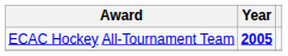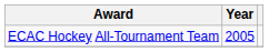 <table class="wikitable">
 <tr>
 <th>Award</th>
 <th>Year</th>
 <th></th>
 </tr>
 <tr>
 <td><a href='#'>ECAC Hockey</a> <a href='#'>All-Tournament Team</a></td>
-<td><strong><a href='#'>2005</a></strong></td>
+<td><a href='#'>2005</a></td>
 <td></td>
 </tr>
 <tr>
 </tr>
 </table>
